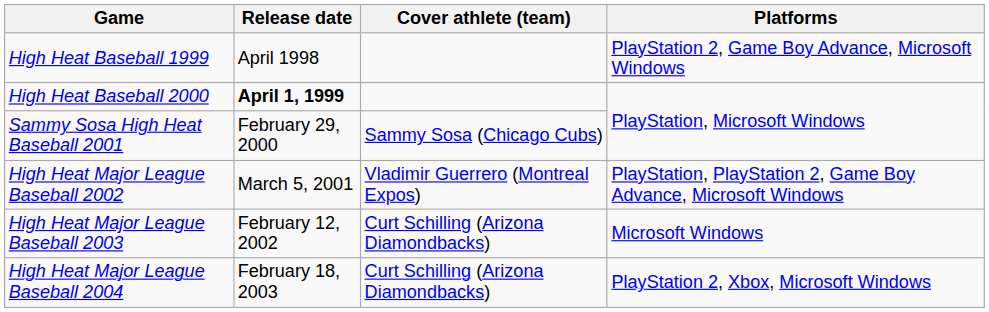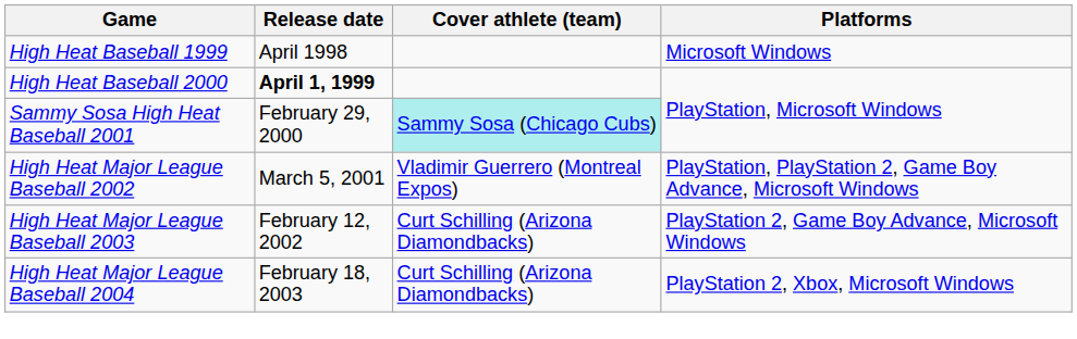 <table class="wikitable">
 <tr>
 <th>Game</th>
 <th>Release date</th>
 <th>Cover athlete (team)</th>
 <th>Platforms</th>
 </tr>
 <tr>
 <td><em><a href='#'>High Heat Baseball 1999</a></em></td>
 <td>April 1998</td>
 <td></td>
-<td><a href='#'>PlayStation 2</a>, <a href='#'>Game Boy Advance</a>, <a href='#'>Microsoft Windows</a></td>
+<td><a href='#'>Microsoft Windows</a></td>
 </tr>
 <tr>
 <td><em><a href='#'>High Heat Baseball 2000</a></em></td>
 <td><strong>April 1, 1999</strong></td>
 <td></td>
 <td rowspan="2"><a href='#'>PlayStation</a>, <a href='#'>Microsoft Windows</a></td>
 </tr>
 <tr>
 <td><em><a href='#'>Sammy Sosa High Heat Baseball 2001</a></em></td>
 <td>February 29, 2000</td>
-<td><a href='#'>Sammy Sosa</a> (<a href='#'>Chicago Cubs</a>)</td>
+<td style="background: paleturquoise;"><a href='#'>Sammy Sosa</a> (<a href='#'>Chicago Cubs</a>)</td>
 </tr>
 <tr>
 <td><em><a href='#'>High Heat Major League Baseball 2002</a></em></td>
 <td>March 5, 2001</td>
 <td><a href='#'>Vladimir Guerrero</a> (<a href='#'>Montreal Expos</a>)</td>
 <td><a href='#'>PlayStation</a>, <a href='#'>PlayStation 2</a>, <a href='#'>Game Boy Advance</a>, <a href='#'>Microsoft Windows</a></td>
 </tr>
 <tr>
 <td><em><a href='#'>High Heat Major League Baseball 2003</a></em></td>
 <td>February 12, 2002</td>
 <td><a href='#'>Curt Schilling</a> (<a href='#'>Arizona Diamondbacks</a>)</td>
-<td><a href='#'>Microsoft Windows</a></td>
+<td><a href='#'>PlayStation 2</a>, <a href='#'>Game Boy Advance</a>, <a href='#'>Microsoft Windows</a></td>
 </tr>
 <tr>
 <td><em><a href='#'>High Heat Major League Baseball 2004</a></em></td>
 <td>February 18, 2003</td>
 <td><a href='#'>Curt Schilling</a> (<a href='#'>Arizona Diamondbacks</a>)</td>
 <td><a href='#'>PlayStation 2</a>, <a href='#'>Xbox</a>, <a href='#'>Microsoft Windows</a></td>
 </tr>
 </table>
